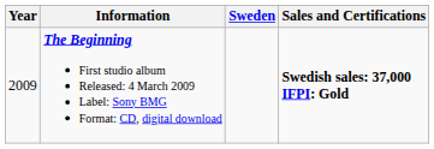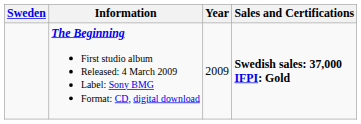 <table class="wikitable">
 <tr>
+<th style="text-align:center;"><a href='#'>Sweden</a></th>
+<th style="text-align:center;">Information</th>
 <th style="text-align:center;">Year</th>
-<th style="text-align:center;">Information</th>
-<th style="text-align:center;"><a href='#'>Sweden</a></th>
 <th style="text-align:center;">Sales and Certifications</th>
 </tr>
 <tr>
+<td></td>
+<td><strong><em><a href='#'>The Beginning</a></em></strong><br><ul><li><small>First studio album</small></li><li><small>Released: 4 March 2009</small></li><li><small>Label: <a href='#'>Sony BMG</a></small></li><li><small>Format: <a href='#'>CD</a>, <a href='#'>digital download</a></small></li></ul></td>
 <td>2009</td>
-<td><strong><em><a href='#'>The Beginning</a></em></strong><br><ul><li><small>First studio album</small></li><li><small>Released: 4 March 2009</small></li><li><small>Label: <a href='#'>Sony BMG</a></small></li><li><small>Format: <a href='#'>CD</a>, <a href='#'>digital download</a></small></li></ul></td>
-<td></td>
 <td><strong>Swedish sales: 37,000<br><a href='#'>IFPI</a>: Gold</strong></td>
 </tr>
 </table>
